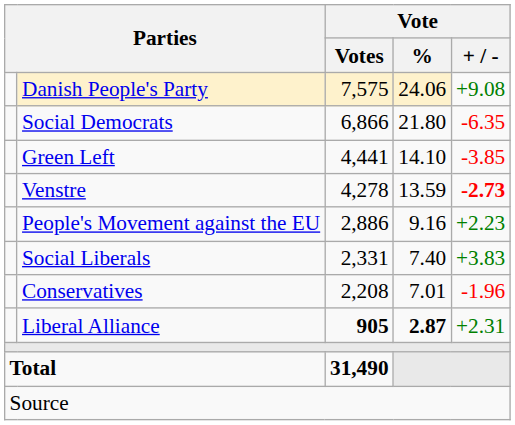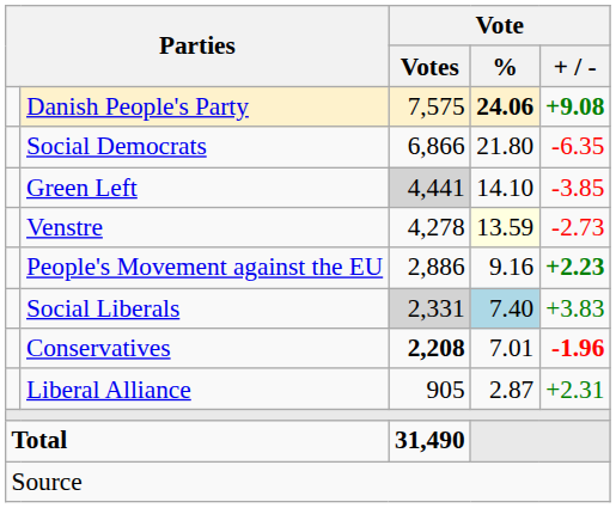 <table class="wikitable" style="text-align:right;">
 <tr>
 <th style="text-align:centre;" rowspan="2" colspan="2" width="225">Parties</th>
 <th colspan="3">Vote</th>
 </tr>
 <tr>
 <th width="15">Votes</th>
 <th width="15">%</th>
 <th width="15">+ / -</th>
 </tr>
 <tr>
 <td width="2" style="color:inherit;background:"></td>
 <td bgcolor=#fef2cc   align="left"><a href='#'>Danish People's Party</a></td>
 <td bgcolor=#fef2cc>7,575</td>
-<td bgcolor=#fef2cc>24.06</td>
-<td style=color:green;>+9.08</td>
+<td bgcolor=#fef2cc><strong>24.06</strong></td>
+<td style=color:green;><strong>+9.08</strong></td>
 </tr>
 <tr>
 <td width="2" style="color:inherit;background:"></td>
 <td align="left"><a href='#'>Social Democrats</a></td>
 <td>6,866</td>
 <td>21.80</td>
 <td style=color:red;>-6.35</td>
 </tr>
 <tr>
 <td width="2" style="color:inherit;background:"></td>
 <td align="left"><a href='#'>Green Left</a></td>
-<td>4,441</td>
+<td style="background: lightgrey;">4,441</td>
 <td>14.10</td>
 <td style=color:red;>-3.85</td>
 </tr>
 <tr>
 <td width="2" style="color:inherit;background:"></td>
 <td align="left"><a href='#'>Venstre</a></td>
 <td>4,278</td>
-<td>13.59</td>
-<td style=color:red;><strong>-2.73</strong></td>
+<td style="background: lightyellow;">13.59</td>
+<td style=color:red;>-2.73</td>
 </tr>
 <tr>
 <td width="2" style="color:inherit;background:"></td>
 <td align="left"><a href='#'>People's Movement against the EU</a></td>
 <td>2,886</td>
 <td>9.16</td>
-<td style=color:green;>+2.23</td>
+<td style=color:green;><strong>+2.23</strong></td>
 </tr>
 <tr>
 <td width="2" style="color:inherit;background:"></td>
 <td align="left"><a href='#'>Social Liberals</a></td>
-<td>2,331</td>
-<td>7.40</td>
+<td style="background: lightgrey;">2,331</td>
+<td style="background: lightblue;">7.40</td>
 <td style=color:green;>+3.83</td>
 </tr>
 <tr>
 <td width="2" style="color:inherit;background:"></td>
 <td align="left"><a href='#'>Conservatives</a></td>
-<td>2,208</td>
+<td><strong>2,208</strong></td>
 <td>7.01</td>
-<td style=color:red;>-1.96</td>
+<td style=color:red;><strong>-1.96</strong></td>
 </tr>
 <tr>
 <td width="2" style="color:inherit;background:"></td>
 <td align="left"><a href='#'>Liberal Alliance</a></td>
-<td><strong>905</strong></td>
-<td><strong>2.87</strong></td>
+<td>905</td>
+<td>2.87</td>
 <td style=color:green;>+2.31</td>
 </tr>
 <tr>
 <td colspan="7" bgcolor="#E9E9E9"></td>
 </tr>
 <tr>
 <td align="left" colspan="2"><strong>Total</strong></td>
 <td><strong>31,490</strong></td>
 <td bgcolor="#E9E9E9" colspan="2"></td>
 </tr>
 <tr>
 <td align="left" colspan="6">Source</td>
 </tr>
 </table>
